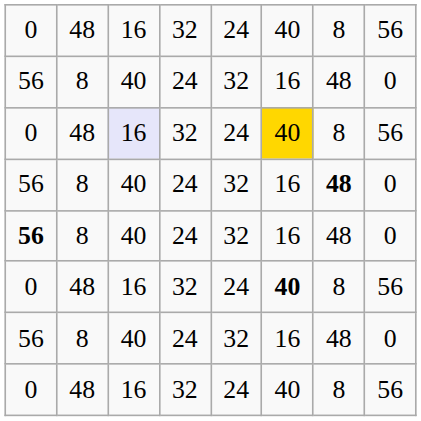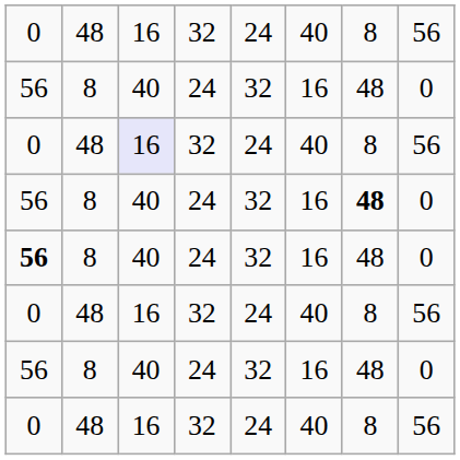 <table class="wikitable" style="margin-left:auto;margin-right:auto;text-align:center;width:16em;height:16em;table-layout:fixed;">
 <tr>
 <td>0</td>
 <td>48</td>
 <td>16</td>
 <td>32</td>
 <td>24</td>
 <td>40</td>
 <td>8</td>
 <td>56</td>
 </tr>
 <tr>
 <td>56</td>
 <td>8</td>
 <td>40</td>
 <td>24</td>
 <td>32</td>
 <td>16</td>
 <td>48</td>
 <td>0</td>
 </tr>
 <tr>
 <td>0</td>
 <td>48</td>
 <td style="background: lavender;">16</td>
 <td>32</td>
 <td>24</td>
-<td style="background: gold;">40</td>
+<td>40</td>
 <td>8</td>
 <td>56</td>
 </tr>
 <tr>
 <td>56</td>
 <td>8</td>
 <td>40</td>
 <td>24</td>
 <td>32</td>
 <td>16</td>
 <td><strong>48</strong></td>
 <td>0</td>
 </tr>
 <tr>
 <td><strong>56</strong></td>
 <td>8</td>
 <td>40</td>
 <td>24</td>
 <td>32</td>
 <td>16</td>
 <td>48</td>
 <td>0</td>
 </tr>
 <tr>
 <td>0</td>
 <td>48</td>
 <td>16</td>
 <td>32</td>
 <td>24</td>
-<td><strong>40</strong></td>
+<td>40</td>
 <td>8</td>
 <td>56</td>
 </tr>
 <tr>
 <td>56</td>
 <td>8</td>
 <td>40</td>
 <td>24</td>
 <td>32</td>
 <td>16</td>
 <td>48</td>
 <td>0</td>
 </tr>
 <tr>
 <td>0</td>
 <td>48</td>
 <td>16</td>
 <td>32</td>
 <td>24</td>
 <td>40</td>
 <td>8</td>
 <td>56</td>
 </tr>
 </table>
